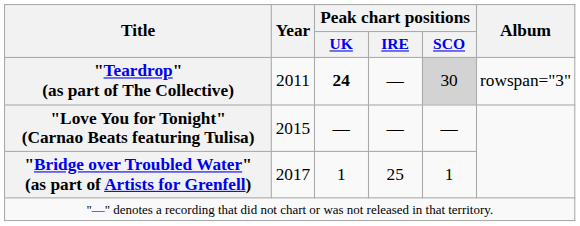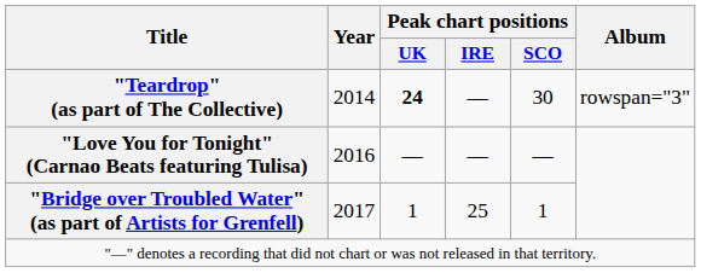 <table class="wikitable plainrowheaders" style="text-align:center;">
 <tr>
 <th scope="col" rowspan="2" style="width:15em;">Title</th>
 <th scope="col" rowspan="2" style="width:1em;">Year</th>
 <th scope="col" colspan="3">Peak chart positions</th>
 <th scope="col" rowspan="2">Album</th>
 </tr>
 <tr>
 <th scope="col" style="width:3em;font-size:90%;"><a href='#'>UK</a><br></th>
 <th scope="col" style="width:3em;font-size:90%;"><a href='#'>IRE</a><br></th>
 <th scope="col" style="width:3em;font-size:90%;"><a href='#'>SCO</a><br></th>
 </tr>
 <tr>
 <th scope="row">"<a href='#'>Teardrop</a>"<br><span>(as part of The Collective)</span></th>
-<td>2011</td>
+<td>2014</td>
 <td><strong>24</strong></td>
 <td>—</td>
-<td style="background: lightgrey;">30</td>
+<td>30</td>
 <td>rowspan="3" </td>
 </tr>
 <tr>
 <th scope="row">"Love You for Tonight"<br><span>(Carnao Beats featuring Tulisa)</span></th>
-<td>2015</td>
+<td>2016</td>
 <td>—</td>
 <td>—</td>
 <td>—</td>
 </tr>
 <tr>
 <th scope="row">"<a href='#'>Bridge over Troubled Water</a>"<br><span>(as part of <a href='#'>Artists for Grenfell</a>)</span></th>
 <td>2017</td>
 <td>1</td>
 <td>25</td>
 <td>1</td>
 </tr>
 <tr>
 <td colspan="7" style="font-size:9pt">"—" denotes a recording that did not chart or was not released in that territory.</td>
 </tr>
 </table>
